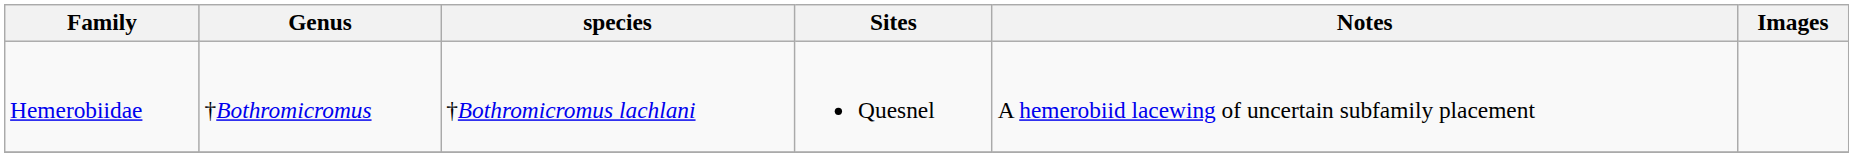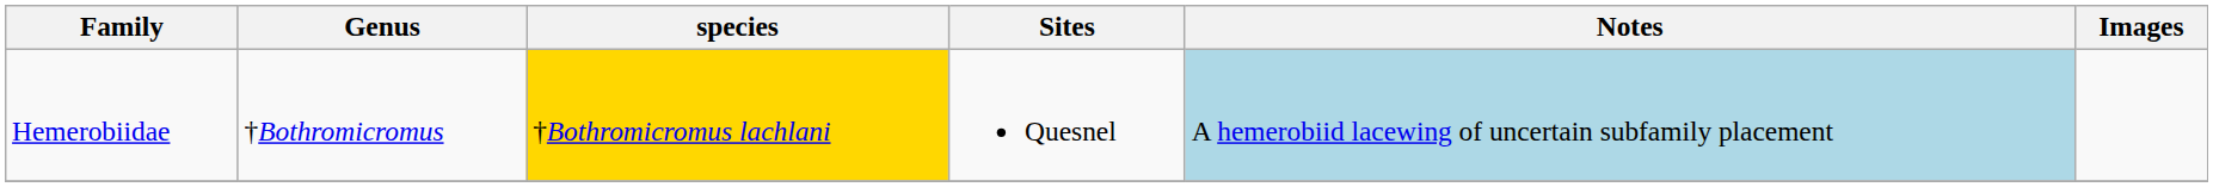 <table class="wikitable sortable"  style="margin:auto; width:100%;">
 <tr>
 <th>Family</th>
 <th>Genus</th>
 <th>species</th>
 <th>Sites</th>
 <th>Notes</th>
 <th>Images</th>
 </tr>
 <tr>
 <td><br><a href='#'>Hemerobiidae</a></td>
 <td><br>†<em><a href='#'>Bothromicromus</a></em></td>
-<td><br>†<em><a href='#'>Bothromicromus lachlani</a></em></td>
+<td style="background: gold;"><br>†<em><a href='#'>Bothromicromus lachlani</a></em></td>
 <td><br><ul><li>Quesnel</li></ul></td>
-<td><br>A <a href='#'>hemerobiid lacewing</a> of uncertain subfamily placement</td>
+<td style="background: lightblue;"><br>A <a href='#'>hemerobiid lacewing</a> of uncertain subfamily placement</td>
 <td><br></td>
 </tr>
 <tr>
 </tr>
 </table>
